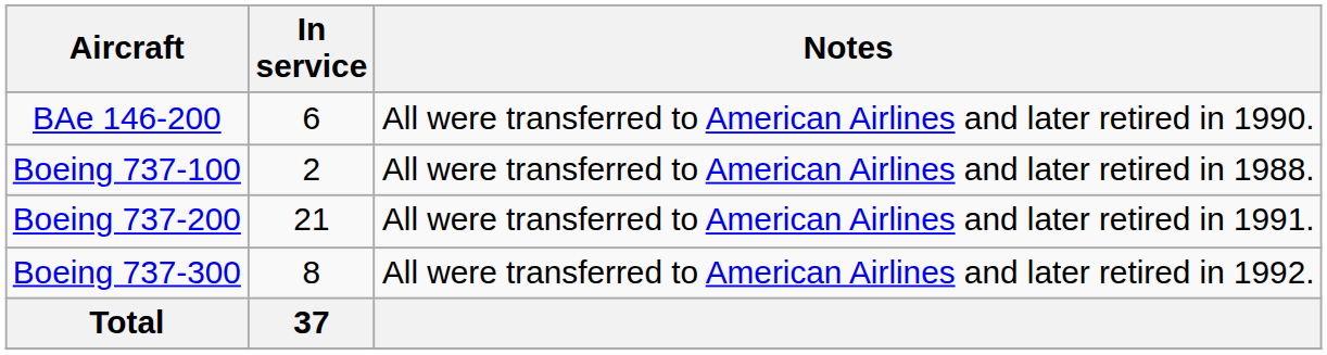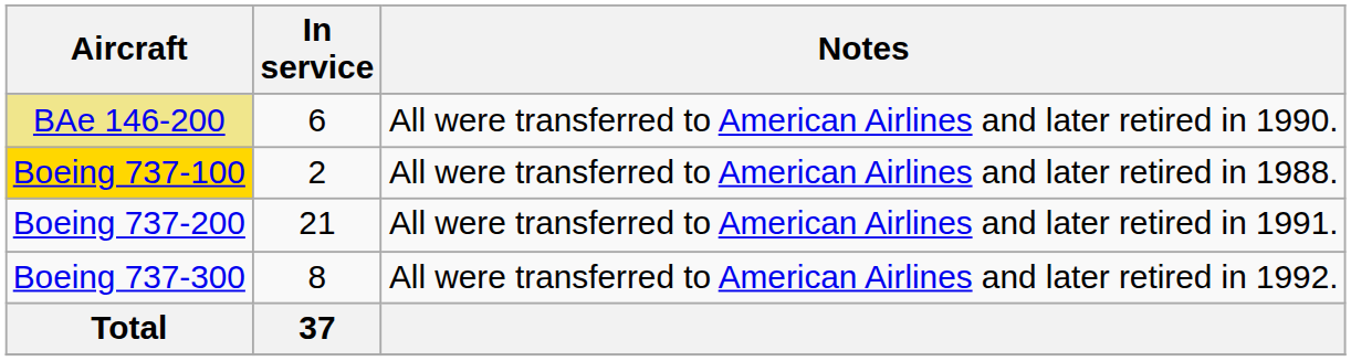 <table class="wikitable" style="margin:0.5em auto; text-align:center">
 <tr>
 <th>Aircraft</th>
 <th>In<br>service</th>
 <th>Notes</th>
 </tr>
 <tr>
-<td><a href='#'>BAe 146-200</a></td>
+<td style="background: khaki;"><a href='#'>BAe 146-200</a></td>
 <td>6</td>
 <td>All were transferred to <a href='#'>American Airlines</a> and later retired in 1990.</td>
 </tr>
 <tr>
-<td><a href='#'>Boeing 737-100</a></td>
+<td style="background: gold;"><a href='#'>Boeing 737-100</a></td>
 <td>2</td>
 <td>All were transferred to <a href='#'>American Airlines</a> and later retired in 1988.</td>
 </tr>
 <tr>
 <td><a href='#'>Boeing 737-200</a></td>
 <td>21</td>
 <td>All were transferred to <a href='#'>American Airlines</a> and later retired in 1991.</td>
 </tr>
 <tr>
 <td><a href='#'>Boeing 737-300</a></td>
 <td>8</td>
 <td>All were transferred to <a href='#'>American Airlines</a> and later retired in 1992.</td>
 </tr>
 <tr>
 <th>Total</th>
 <th>37</th>
 <th colspan=3></th>
 </tr>
 <tr>
 </tr>
 </table>
